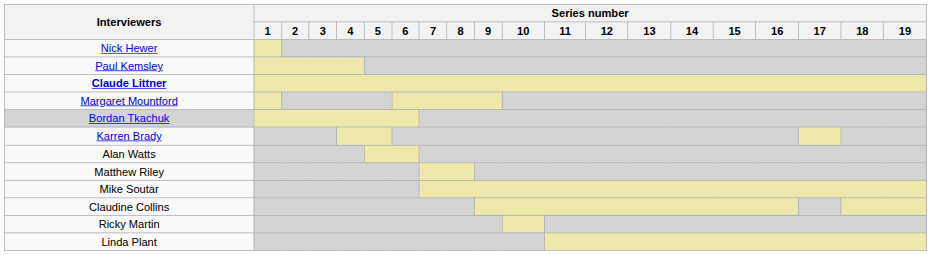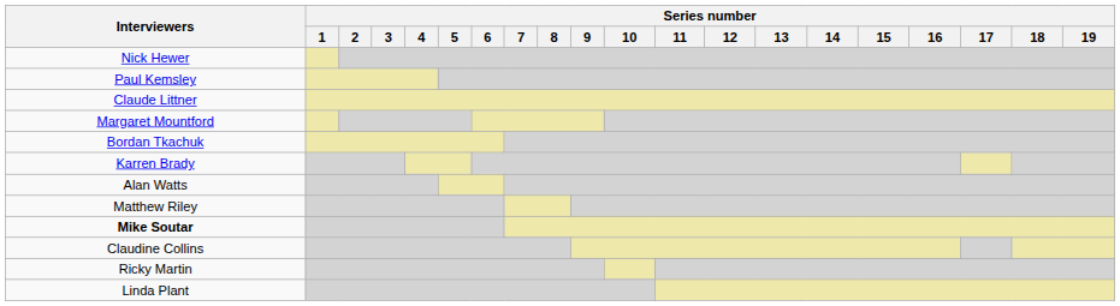 <table class="wikitable" style= "font-size:95%; text-align: center; width: 100%;">
 <tr>
 <th rowspan="2">Interviewers</th>
 <th colspan="19">Series number</th>
 </tr>
 <tr>
 <th>1</th>
 <th>2</th>
 <th>3</th>
 <th>4</th>
 <th>5</th>
 <th>6</th>
 <th>7</th>
 <th>8</th>
 <th>9</th>
 <th>10</th>
 <th>11</th>
 <th>12</th>
 <th>13</th>
 <th>14</th>
 <th>15</th>
 <th>16</th>
 <th>17</th>
 <th>18</th>
 <th>19</th>
 </tr>
 <tr>
 <td><a href='#'>Nick Hewer</a></td>
 <td colspan="1" style="background:#eee8aa;"></td>
 <td colspan="18" style="background:lightgrey"></td>
 </tr>
 <tr>
 <td><a href='#'>Paul Kemsley</a></td>
 <td colspan="4" style="background:#eee8aa;"></td>
 <td colspan="15" style="background:lightgrey"></td>
 </tr>
 <tr>
-<td><strong><a href='#'>Claude Littner</a></strong></td>
+<td><a href='#'>Claude Littner</a></td>
 <td colspan="19" style="background:#EEE8AA;"></td>
 </tr>
 <tr>
 <td><a href='#'>Margaret Mountford</a></td>
 <td colspan="1" style="background:#eee8aa;"></td>
 <td colspan="4" style="background:lightgrey"></td>
 <td colspan="4" style="background:#eee8aa;"></td>
 <td colspan="10" style="background:lightgrey"></td>
 </tr>
 <tr>
-<td style="background: lightgrey;"><a href='#'>Bordan Tkachuk</a></td>
+<td><a href='#'>Bordan Tkachuk</a></td>
 <td colspan="6" style="background:#eee8aa;"></td>
 <td colspan="13" style="background:lightgrey"></td>
 </tr>
 <tr>
 <td><a href='#'>Karren Brady</a></td>
 <td colspan="3" style="background:lightgrey"></td>
 <td colspan="2" style="background:#EEE8AA"></td>
 <td colspan="11" style="background:lightgrey"></td>
 <td colspan="1" style="background:#EEE8AA"></td>
 <td colspan="3" style="background:lightgrey"></td>
 </tr>
 <tr>
 <td>Alan Watts</td>
 <td colspan="4" style="background:lightgrey"></td>
 <td colspan="2" style="background:#eee8aa;"></td>
 <td colspan="13" style="background:lightgrey"></td>
 </tr>
 <tr>
 <td>Matthew Riley</td>
 <td colspan="6" style="background:lightgrey"></td>
 <td colspan="2" style="background:#eee8aa;"></td>
 <td colspan="11" style="background:lightgrey"></td>
 </tr>
 <tr>
-<td>Mike Soutar</td>
+<td><strong>Mike Soutar</strong></td>
 <td colspan="6" style="background:lightgrey"></td>
 <td colspan="13" style="background:#EEE8AA"></td>
 </tr>
 <tr>
 <td>Claudine Collins</td>
 <td colspan="8" style="background:lightgrey"></td>
 <td colspan="8" style="background:#eee8aa;"></td>
 <td colspan="1" style="background:lightgrey"></td>
 <td colspan="2" style="background:#eee8aa;"></td>
 </tr>
 <tr>
 <td>Ricky Martin</td>
 <td colspan="9" style="background:lightgrey"></td>
 <td colspan="1" style="background:#eee8aa;"></td>
 <td colspan="9" style="background:lightgrey"></td>
 </tr>
 <tr>
 <td>Linda Plant</td>
 <td colspan="10" style="background:lightgrey"></td>
 <td colspan="9" style="background:#eee8aa;"></td>
 </tr>
 </table>
